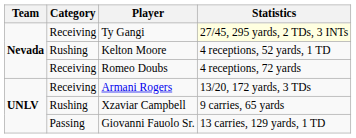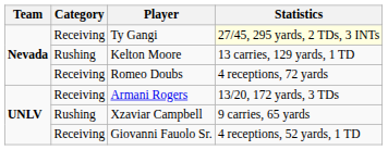 <table class="wikitable" style="float: left;">
 <tr>
 <th>Team</th>
 <th>Category</th>
 <th>Player</th>
 <th>Statistics</th>
 </tr>
 <tr>
 <td rowspan=3><strong>Nevada</strong></td>
 <td>Receiving</td>
 <td>Ty Gangi</td>
 <td style="background: lightyellow;">27/45, 295 yards, 2 TDs, 3 INTs</td>
 </tr>
 <tr>
 <td>Rushing</td>
 <td>Kelton Moore</td>
-<td>4 receptions, 52 yards, 1 TD</td>
+<td>13 carries, 129 yards, 1 TD</td>
 </tr>
 <tr>
 <td>Receiving</td>
 <td>Romeo Doubs</td>
 <td>4 receptions, 72 yards</td>
 </tr>
 <tr>
 <td rowspan=3><strong>UNLV</strong></td>
 <td>Receiving</td>
 <td><a href='#'>Armani Rogers</a></td>
 <td>13/20, 172 yards, 3 TDs</td>
 </tr>
 <tr>
 <td>Rushing</td>
 <td>Xzaviar Campbell</td>
 <td>9 carries, 65 yards</td>
 </tr>
 <tr>
-<td>Passing</td>
+<td>Receiving</td>
 <td>Giovanni Fauolo Sr.</td>
-<td>13 carries, 129 yards, 1 TD</td>
+<td>4 receptions, 52 yards, 1 TD</td>
 </tr>
 </table>
